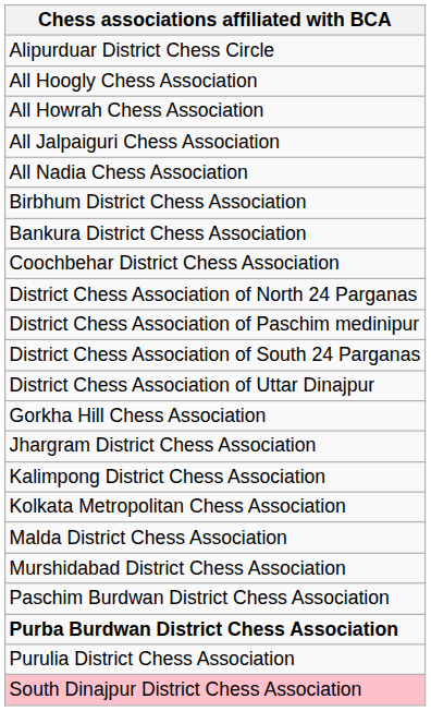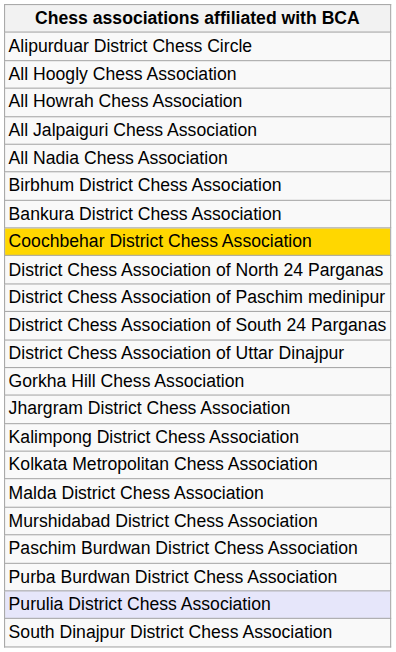 <table class="wikitable sortable ">
 <tr>
 <th>Chess associations affiliated with BCA</th>
 </tr>
 <tr>
 <td>Alipurduar District Chess Circle</td>
 </tr>
 <tr>
 <td>All Hoogly Chess Association</td>
 </tr>
 <tr>
 <td>All Howrah Chess Association</td>
 </tr>
 <tr>
 <td>All Jalpaiguri Chess Association</td>
 </tr>
 <tr>
 <td>All Nadia Chess Association</td>
 </tr>
 <tr>
 <td>Birbhum District Chess Association</td>
 </tr>
 <tr>
 <td>Bankura District Chess Association</td>
 </tr>
 <tr>
-<td>Coochbehar District Chess Association</td>
+<td style="background: gold;">Coochbehar District Chess Association</td>
 </tr>
 <tr>
 <td>District Chess Association of North 24 Parganas</td>
 </tr>
 <tr>
 <td>District Chess Association of Paschim medinipur</td>
 </tr>
 <tr>
 <td>District Chess Association of South 24 Parganas</td>
 </tr>
 <tr>
 <td>District Chess Association of Uttar Dinajpur</td>
 </tr>
 <tr>
 <td>Gorkha Hill Chess Association</td>
 </tr>
 <tr>
 <td>Jhargram District Chess Association</td>
 </tr>
 <tr>
 <td>Kalimpong District Chess Association</td>
 </tr>
 <tr>
 <td>Kolkata Metropolitan Chess Association</td>
 </tr>
 <tr>
 <td>Malda District Chess Association</td>
 </tr>
 <tr>
 <td>Murshidabad District Chess Association</td>
 </tr>
 <tr>
 <td>Paschim Burdwan District Chess Association</td>
 </tr>
 <tr>
-<td><strong>Purba Burdwan District Chess Association</strong></td>
+<td>Purba Burdwan District Chess Association</td>
 </tr>
 <tr>
-<td>Purulia District Chess Association</td>
+<td style="background: lavender;">Purulia District Chess Association</td>
 </tr>
 <tr>
-<td style="background: pink;">South Dinajpur District Chess Association</td>
+<td>South Dinajpur District Chess Association</td>
 </tr>
 </table>
